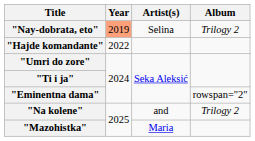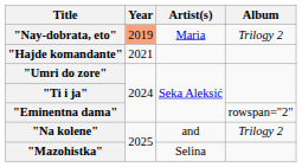 <table class="wikitable plainrowheaders" style="text-align:center;">
 <tr>
 <th scope="col">Title</th>
 <th scope="col">Year</th>
 <th scope="col">Artist(s)</th>
 <th scope="col">Album</th>
 </tr>
 <tr>
 <th scope="row">"Nay-dobrata, eto"</th>
 <td style="background: lightsalmon;">2019</td>
-<td>Selina</td>
+<td><a href='#'>Maria</a></td>
 <td><em>Trilogy 2</em></td>
 </tr>
 <tr>
 <th scope="row">"Hajde komandante"</th>
-<td>2022</td>
+<td>2021</td>
 <td></td>
 </tr>
 <tr>
 <th scope="row">"Umri do zore"</th>
 <td rowspan="3">2024</td>
 <td rowspan="3"><a href='#'>Seka Aleksić</a></td>
 <td rowspan="2"></td>
 </tr>
 <tr>
 <th scope="row">"Ti i ja"</th>
 </tr>
 <tr>
 <th scope="row">"Eminentna dama"</th>
 <td>rowspan="2" </td>
 </tr>
 <tr>
 <th scope="row">"Na kolene"</th>
 <td rowspan="2">2025</td>
 <td> and </td>
 <td><em>Trilogy 2</em></td>
 </tr>
 <tr>
 <th scope="row">"Mazohistka"</th>
-<td><a href='#'>Maria</a></td>
+<td>Selina</td>
 </tr>
 </table>
